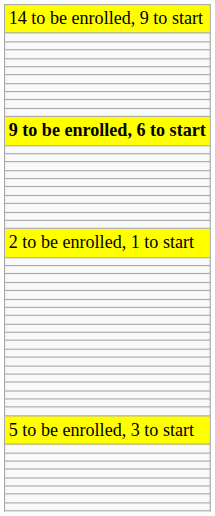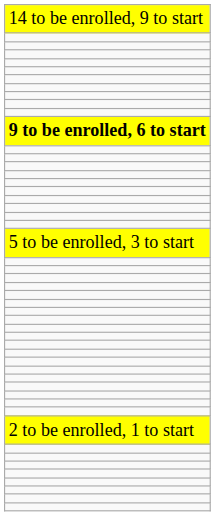 <table class="wikitable">
 <tr style="background:#ffff00;">
 <td>14 to be enrolled, 9 to start</td>
 </tr>
 <tr>
 <td></td>
 </tr>
 <tr>
 <td></td>
 </tr>
 <tr>
 <td></td>
 </tr>
 <tr>
 <td></td>
 </tr>
 <tr>
 <td></td>
 </tr>
 <tr>
 <td></td>
 </tr>
 <tr>
 <td></td>
 </tr>
 <tr>
 <td></td>
 </tr>
 <tr>
 <td></td>
 </tr>
 <tr>
 <td></td>
 </tr>
 <tr style="background:#ffff00;">
 <td><strong>9 to be enrolled, 6 to start</strong></td>
 </tr>
 <tr>
 <td></td>
 </tr>
 <tr>
 <td></td>
 </tr>
 <tr>
 <td></td>
 </tr>
 <tr>
 <td></td>
 </tr>
 <tr>
 <td></td>
 </tr>
 <tr>
 <td></td>
 </tr>
 <tr>
 <td></td>
 </tr>
 <tr>
 <td></td>
 </tr>
 <tr>
 <td></td>
 </tr>
 <tr>
 <td></td>
 </tr>
 <tr style="background:#ffff00;">
-<td>2 to be enrolled, 1 to start</td>
+<td>5 to be enrolled, 3 to start</td>
 </tr>
 <tr>
 <td></td>
 </tr>
 <tr>
 <td></td>
 </tr>
 <tr>
 <td></td>
 </tr>
 <tr>
 <td></td>
 </tr>
 <tr>
 <td></td>
 </tr>
 <tr>
 <td></td>
 </tr>
 <tr>
 <td></td>
 </tr>
 <tr>
 <td></td>
 </tr>
 <tr>
 <td></td>
 </tr>
 <tr>
 <td></td>
 </tr>
 <tr>
 <td></td>
 </tr>
 <tr>
 <td></td>
 </tr>
 <tr>
 <td></td>
 </tr>
 <tr>
 <td></td>
 </tr>
 <tr>
 <td></td>
 </tr>
 <tr>
 <td></td>
 </tr>
 <tr>
 <td></td>
 </tr>
 <tr>
 <td></td>
 </tr>
 <tr>
 <td></td>
 </tr>
 <tr style="background:#ffff00;">
-<td>5 to be enrolled, 3 to start</td>
+<td>2 to be enrolled, 1 to start</td>
 </tr>
 <tr>
 <td></td>
 </tr>
 <tr>
 <td></td>
 </tr>
 <tr>
 <td></td>
 </tr>
 <tr>
 <td></td>
 </tr>
 <tr>
 <td></td>
 </tr>
 <tr>
 <td></td>
 </tr>
 <tr>
 <td></td>
 </tr>
 <tr>
 <td></td>
 </tr>
 </table>
